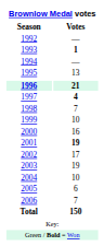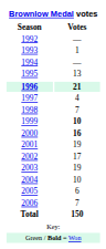 <table style="margin-right:4px; margin-top:8px; float:right; border:1px No. 000 solid; border-radius:8px; background:#fff; font-family:Verdana; font-size:8pt; text-align:center;">
 <tr style="background:#fff;">
 <td colspan="2;" style="padding:3px; margin-bottom:-3px; margin-top:2px; font-family:Arial; "><strong><a href='#'>Brownlow Medal</a> votes</strong></td>
 </tr>
 <tr>
 <th style="width:50%;">Season</th>
 <th style="width:50%;">Votes</th>
 </tr>
 <tr>
 <td><a href='#'>1992</a></td>
 <td>—</td>
 </tr>
 <tr>
 <td><a href='#'>1993</a></td>
-<td><strong>1</strong></td>
+<td>1</td>
 </tr>
 <tr>
 <td><a href='#'>1994</a></td>
 <td>—</td>
 </tr>
 <tr>
 <td><a href='#'>1995</a></td>
 <td>13</td>
 </tr>
 <tr>
 </tr>
 <tr style="background:#D9F9E9;">
 <td><strong><a href='#'>1996</a></strong></td>
 <td><strong>21</strong></td>
 </tr>
 <tr>
 <td><a href='#'>1997</a></td>
-<td><strong>4</strong></td>
+<td>4</td>
 </tr>
 <tr>
 <td><a href='#'>1998</a></td>
 <td>7</td>
 </tr>
 <tr>
 <td><a href='#'>1999</a></td>
-<td>10</td>
+<td><strong>10</strong></td>
 </tr>
 <tr>
 <td><a href='#'>2000</a></td>
-<td>16</td>
+<td><strong>16</strong></td>
 </tr>
 <tr>
 <td><a href='#'>2001</a></td>
-<td><strong>19</strong></td>
+<td>19</td>
 </tr>
 <tr>
 <td><a href='#'>2002</a></td>
 <td>17</td>
 </tr>
 <tr>
 <td><a href='#'>2003</a></td>
 <td>19</td>
 </tr>
 <tr>
 <td><a href='#'>2004</a></td>
 <td>10</td>
 </tr>
 <tr>
 <td><a href='#'>2005</a></td>
 <td>6</td>
 </tr>
 <tr>
 <td><a href='#'>2006</a></td>
 <td>7</td>
 </tr>
 <tr>
 <td><strong>Total</strong></td>
 <td><strong>150</strong></td>
 </tr>
 <tr>
 <td colspan=2><small>Key:</small></td>
 </tr>
 <tr style="background:#d9f9e9; border:1px solid #aaa; width:2em;">
 <td colspan=2><small>Green / <strong>Bold</strong> = <a href='#'>Won</a></small></td>
 </tr>
 </table>
